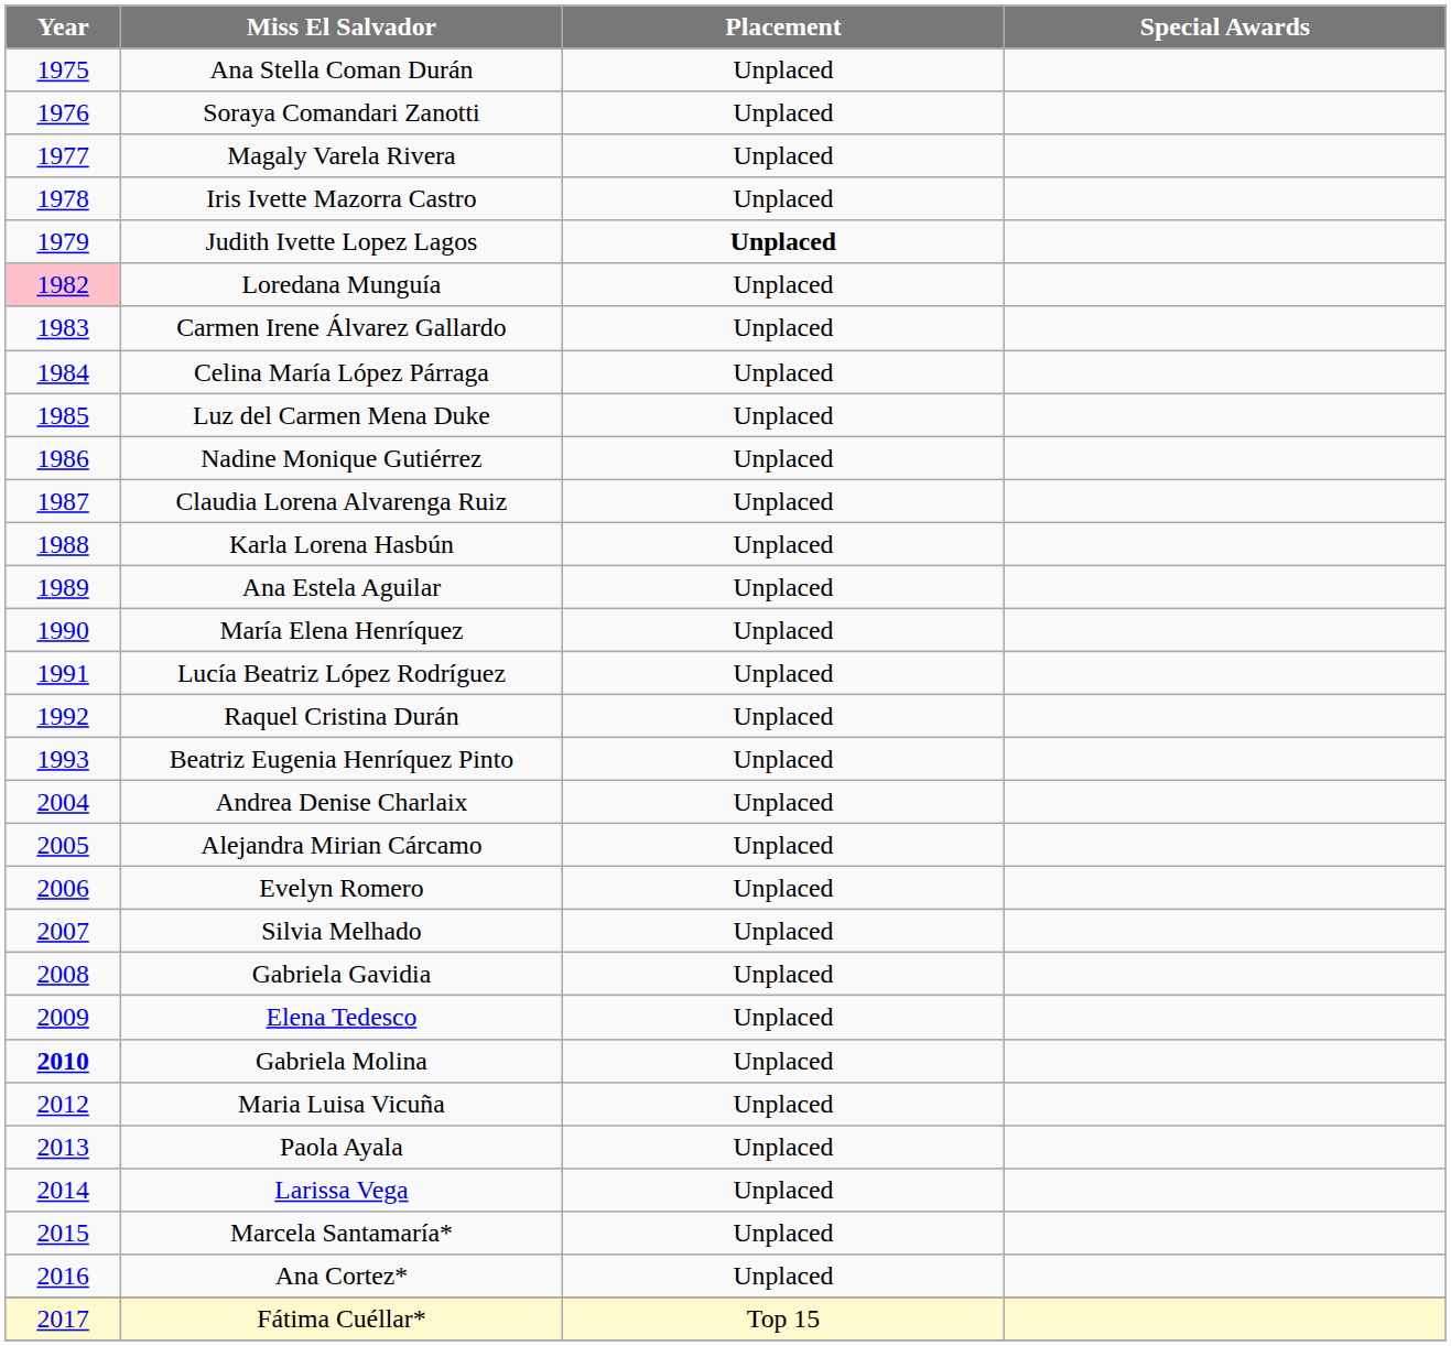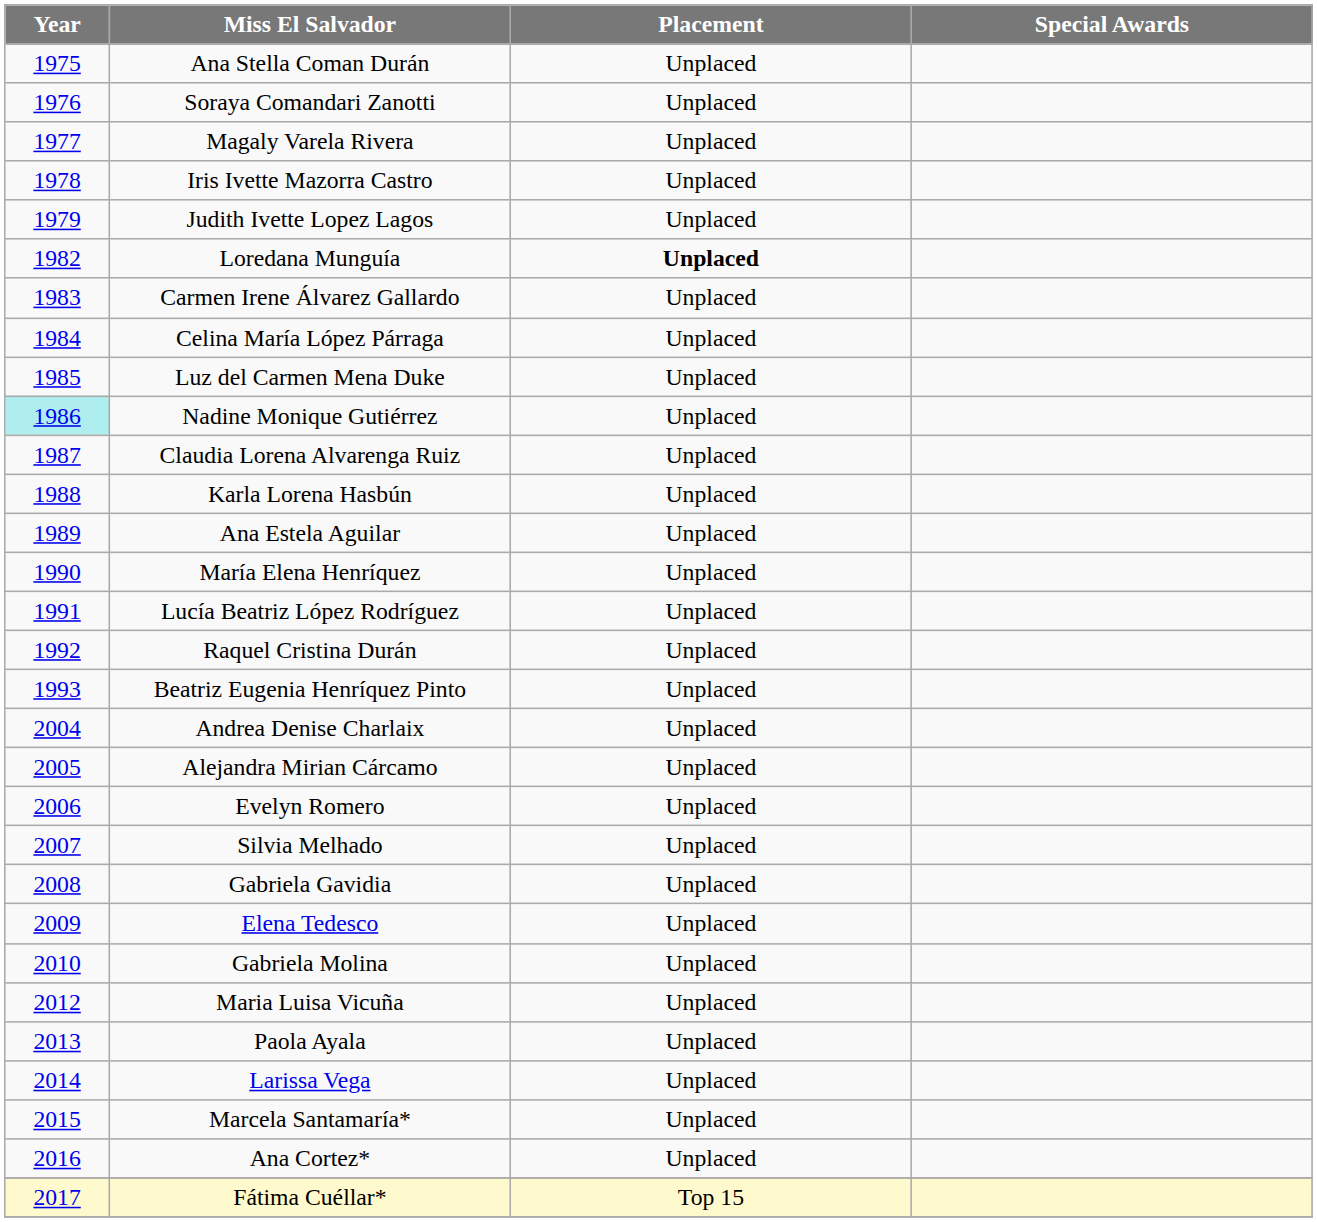 <table class="wikitable sortable" style="font-size: 95%; text-align:center">
 <tr>
 <th width="60" style="background-color:#787878;color:#FFFFFF;">Year</th>
 <th width="250" style="background-color:#787878;color:#FFFFFF;">Miss El Salvador</th>
 <th width="250" style="background-color:#787878;color:#FFFFFF;">Placement</th>
 <th width="250" style="background-color:#787878;color:#FFFFFF;">Special Awards</th>
 </tr>
 <tr>
 <td><a href='#'>1975</a></td>
 <td>Ana Stella Coman Durán</td>
 <td>Unplaced</td>
 <td></td>
 </tr>
 <tr>
 <td><a href='#'>1976</a></td>
 <td>Soraya Comandari Zanotti</td>
 <td>Unplaced</td>
 <td></td>
 </tr>
 <tr>
 <td><a href='#'>1977</a></td>
 <td>Magaly Varela Rivera</td>
 <td>Unplaced</td>
 <td></td>
 </tr>
 <tr>
 <td><a href='#'>1978</a></td>
 <td>Iris Ivette Mazorra Castro</td>
 <td>Unplaced</td>
 <td></td>
 </tr>
 <tr>
 <td><a href='#'>1979</a></td>
 <td>Judith Ivette Lopez Lagos</td>
-<td><strong>Unplaced</strong></td>
+<td>Unplaced</td>
 <td></td>
 </tr>
 <tr>
-<td style="background: pink;"><a href='#'>1982</a></td>
+<td><a href='#'>1982</a></td>
 <td>Loredana Munguía</td>
-<td>Unplaced</td>
+<td><strong>Unplaced</strong></td>
 <td></td>
 </tr>
 <tr>
 <td><a href='#'>1983</a></td>
 <td>Carmen Irene Álvarez Gallardo</td>
 <td>Unplaced</td>
 <td></td>
 </tr>
 <tr>
 <td><a href='#'>1984</a></td>
 <td>Celina María López Párraga</td>
 <td>Unplaced</td>
 <td></td>
 </tr>
 <tr>
 <td><a href='#'>1985</a></td>
 <td>Luz del Carmen Mena Duke</td>
 <td>Unplaced</td>
 <td></td>
 </tr>
 <tr>
-<td><a href='#'>1986</a></td>
+<td style="background: paleturquoise;"><a href='#'>1986</a></td>
 <td>Nadine Monique Gutiérrez</td>
 <td>Unplaced</td>
 <td></td>
 </tr>
 <tr>
 <td><a href='#'>1987</a></td>
 <td>Claudia Lorena Alvarenga Ruiz</td>
 <td>Unplaced</td>
 <td></td>
 </tr>
 <tr>
 <td><a href='#'>1988</a></td>
 <td>Karla Lorena Hasbún</td>
 <td>Unplaced</td>
 <td></td>
 </tr>
 <tr>
 <td><a href='#'>1989</a></td>
 <td>Ana Estela Aguilar</td>
 <td>Unplaced</td>
 <td></td>
 </tr>
 <tr>
 <td><a href='#'>1990</a></td>
 <td>María Elena Henríquez</td>
 <td>Unplaced</td>
 <td></td>
 </tr>
 <tr>
 <td><a href='#'>1991</a></td>
 <td>Lucía Beatriz López Rodríguez</td>
 <td>Unplaced</td>
 <td></td>
 </tr>
 <tr>
 <td><a href='#'>1992</a></td>
 <td>Raquel Cristina Durán</td>
 <td>Unplaced</td>
 <td></td>
 </tr>
 <tr>
 <td><a href='#'>1993</a></td>
 <td>Beatriz Eugenia Henríquez Pinto</td>
 <td>Unplaced</td>
 <td></td>
 </tr>
 <tr>
 <td><a href='#'>2004</a></td>
 <td>Andrea Denise Charlaix</td>
 <td>Unplaced</td>
 <td></td>
 </tr>
 <tr>
 <td><a href='#'>2005</a></td>
 <td>Alejandra Mirian Cárcamo</td>
 <td>Unplaced</td>
 <td></td>
 </tr>
 <tr>
 <td><a href='#'>2006</a></td>
 <td>Evelyn Romero</td>
 <td>Unplaced</td>
 <td></td>
 </tr>
 <tr>
 <td><a href='#'>2007</a></td>
 <td>Silvia Melhado</td>
 <td>Unplaced</td>
 <td></td>
 </tr>
 <tr>
 <td><a href='#'>2008</a></td>
 <td>Gabriela Gavidia</td>
 <td>Unplaced</td>
 <td></td>
 </tr>
 <tr>
 <td><a href='#'>2009</a></td>
 <td><a href='#'>Elena Tedesco</a></td>
 <td>Unplaced</td>
 <td></td>
 </tr>
 <tr>
-<td><strong><a href='#'>2010</a></strong></td>
+<td><a href='#'>2010</a></td>
 <td>Gabriela Molina</td>
 <td>Unplaced</td>
 <td></td>
 </tr>
 <tr>
 <td><a href='#'>2012</a></td>
 <td>Maria Luisa Vicuña</td>
 <td>Unplaced</td>
 <td></td>
 </tr>
 <tr>
 <td><a href='#'>2013</a></td>
 <td>Paola Ayala</td>
 <td>Unplaced</td>
 <td></td>
 </tr>
 <tr>
 <td><a href='#'>2014</a></td>
 <td><a href='#'>Larissa Vega</a></td>
 <td>Unplaced</td>
 <td></td>
 </tr>
 <tr>
 <td><a href='#'>2015</a></td>
 <td>Marcela Santamaría*</td>
 <td>Unplaced</td>
 <td></td>
 </tr>
 <tr>
 <td><a href='#'>2016</a></td>
 <td>Ana Cortez*</td>
 <td>Unplaced</td>
 <td></td>
 </tr>
 <tr>
 </tr>
 <tr style="background-color:#FFFACD;">
 <td><a href='#'>2017</a></td>
 <td>Fátima Cuéllar*</td>
 <td>Top 15</td>
 <td></td>
 </tr>
 <tr>
 </tr>
 </table>
